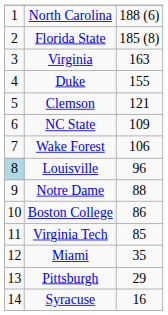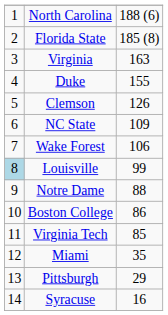 <table class="wikitable" style="display: inline-table;">
 <tr align="center">
 </tr>
 <tr align="center">
 <td>1</td>
 <td><a href='#'>North Carolina</a></td>
 <td>188 (6)</td>
 </tr>
 <tr align="center">
 <td>2</td>
 <td><a href='#'>Florida State</a></td>
 <td>185 (8)</td>
 </tr>
 <tr align="center">
 <td>3</td>
 <td><a href='#'>Virginia</a></td>
 <td>163</td>
 </tr>
 <tr align="center">
 <td>4</td>
 <td><a href='#'>Duke</a></td>
 <td>155</td>
 </tr>
 <tr align="center">
 <td>5</td>
 <td><a href='#'>Clemson</a></td>
-<td>121</td>
+<td>126</td>
 </tr>
 <tr align="center">
 <td>6</td>
 <td><a href='#'>NC State</a></td>
 <td>109</td>
 </tr>
 <tr align="center">
 <td>7</td>
 <td><a href='#'>Wake Forest</a></td>
 <td>106</td>
 </tr>
 <tr align="center">
 <td style="background: lightblue;">8</td>
 <td><a href='#'>Louisville</a></td>
-<td>96</td>
+<td>99</td>
 </tr>
 <tr align="center">
 <td>9</td>
 <td><a href='#'>Notre Dame</a></td>
 <td>88</td>
 </tr>
 <tr align="center">
 <td>10</td>
 <td><a href='#'>Boston College</a></td>
 <td>86</td>
 </tr>
 <tr align="center">
 <td>11</td>
 <td><a href='#'>Virginia Tech</a></td>
 <td>85</td>
 </tr>
 <tr align="center">
 <td>12</td>
 <td><a href='#'>Miami</a></td>
 <td>35</td>
 </tr>
 <tr align="center">
 <td>13</td>
 <td><a href='#'>Pittsburgh</a></td>
 <td>29</td>
 </tr>
 <tr align="center">
 <td>14</td>
 <td><a href='#'>Syracuse</a></td>
 <td>16</td>
 </tr>
 </table>
